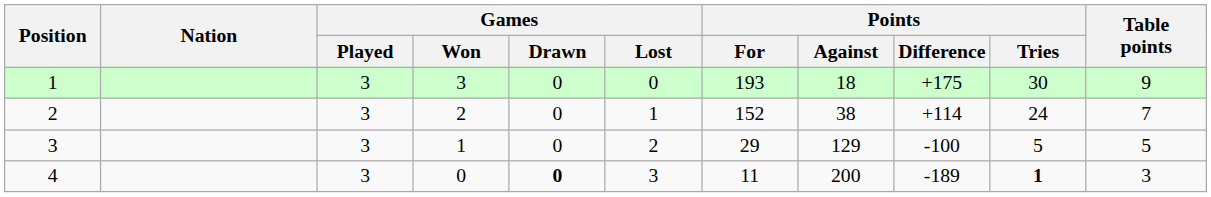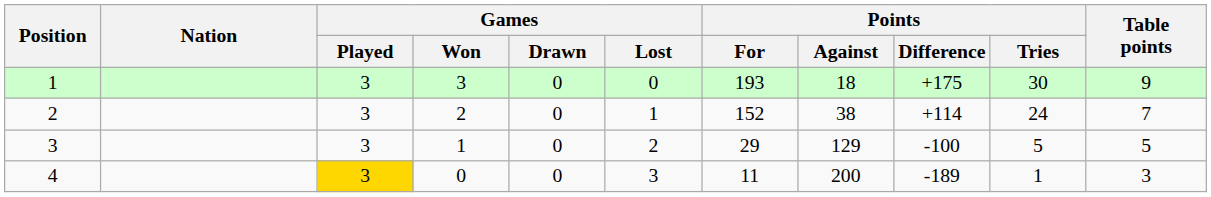 <table class="wikitable" style="text-align: center;">
 <tr>
 <th rowspan=2 width="8%">Position</th>
 <th rowspan=2 width="18%">Nation</th>
 <th colspan=4 width="32%">Games</th>
 <th colspan=4 width="32%">Points</th>
 <th rowspan=2 width="10%">Table<br>points</th>
 </tr>
 <tr>
 <th width="8%">Played</th>
 <th width="8%">Won</th>
 <th width="8%">Drawn</th>
 <th width="8%">Lost</th>
 <th width="8%">For</th>
 <th width="8%">Against</th>
 <th width="8%">Difference</th>
 <th width="8%">Tries</th>
 </tr>
 <tr bgcolor=#ccffcc align=center>
 <td>1</td>
 <td align=left></td>
 <td>3</td>
 <td>3</td>
 <td>0</td>
 <td>0</td>
 <td>193</td>
 <td>18</td>
 <td>+175</td>
 <td>30</td>
 <td>9</td>
 </tr>
 <tr>
 <td>2</td>
 <td align=left></td>
 <td>3</td>
 <td>2</td>
 <td>0</td>
 <td>1</td>
 <td>152</td>
 <td>38</td>
 <td>+114</td>
 <td>24</td>
 <td>7</td>
 </tr>
 <tr>
 <td>3</td>
 <td align=left></td>
 <td>3</td>
 <td>1</td>
 <td>0</td>
 <td>2</td>
 <td>29</td>
 <td>129</td>
 <td>-100</td>
 <td>5</td>
 <td>5</td>
 </tr>
 <tr>
 <td>4</td>
 <td align=left></td>
-<td>3</td>
+<td style="background: gold;">3</td>
 <td>0</td>
-<td><strong>0</strong></td>
+<td>0</td>
 <td>3</td>
 <td>11</td>
 <td>200</td>
 <td>-189</td>
-<td><strong>1</strong></td>
+<td>1</td>
 <td>3</td>
 </tr>
 </table>
